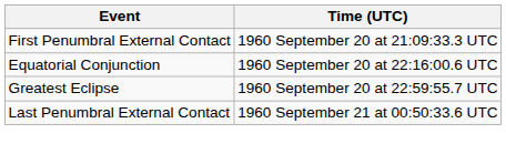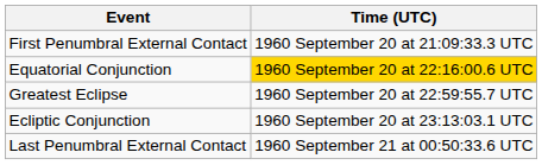 <table class="wikitable">
 <tr>
 <th>Event</th>
 <th>Time (UTC)</th>
 </tr>
 <tr>
 <td>First Penumbral External Contact</td>
 <td>1960 September 20 at 21:09:33.3 UTC</td>
 </tr>
 <tr>
 <td>Equatorial Conjunction</td>
-<td>1960 September 20 at 22:16:00.6 UTC</td>
+<td style="background: gold;">1960 September 20 at 22:16:00.6 UTC</td>
 </tr>
 <tr>
 <td>Greatest Eclipse</td>
 <td>1960 September 20 at 22:59:55.7 UTC</td>
 </tr>
 <tr>
+<td>Ecliptic Conjunction</td>
+<td>1960 September 20 at 23:13:03.1 UTC</td>
+</tr>
+<tr>
 <td>Last Penumbral External Contact</td>
 <td>1960 September 21 at 00:50:33.6 UTC</td>
 </tr>
 </table>
